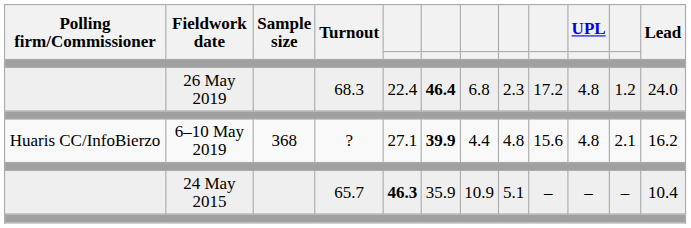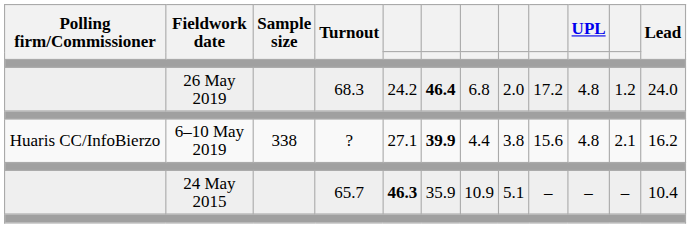 <table class="wikitable collapsible collapsed" style="text-align:center; font-size:95%; line-height:16px;">
 <tr style="height:42px;">
 <th style="width:250px;" rowspan="2">Polling firm/Commissioner</th>
 <th style="width:125px;" rowspan="2">Fieldwork date</th>
 <th style="width:50px;" rowspan="2">Sample size</th>
 <th style="width:45px;" rowspan="2">Turnout</th>
 <th style="width:35px;"></th>
 <th style="width:35px;"></th>
 <th style="width:35px;"></th>
 <th style="width:35px;"></th>
 <th style="width:35px;"></th>
 <th style="width:35px;"><a href='#'>UPL</a></th>
 <th style="width:35px;"></th>
 <th style="width:30px;" rowspan="2">Lead</th>
 </tr>
 <tr>
 <th style="color:inherit;background:"></th>
 <th style="color:inherit;background:"></th>
 <th style="color:inherit;background:"></th>
 <th style="color:inherit;background:"></th>
 <th style="color:inherit;background:"></th>
 <th style="color:inherit;background:"></th>
 <th style="color:inherit;background:"></th>
 </tr>
 <tr>
 <td colspan="12" style="background:#A0A0A0"></td>
 </tr>
 <tr style="background:#EFEFEF;">
 <td><strong></strong></td>
 <td>26 May 2019</td>
 <td></td>
 <td>68.3</td>
-<td>22.4<br></td>
+<td>24.2<br></td>
 <td><strong>46.4</strong><br></td>
 <td>6.8<br></td>
-<td>2.3<br></td>
+<td>2.0<br></td>
 <td>17.2<br></td>
 <td>4.8<br></td>
 <td>1.2<br></td>
 <td style="background:">24.0</td>
 </tr>
 <tr>
 <td colspan="12" style="background:#A0A0A0"></td>
 </tr>
 <tr>
 <td>Huaris CC/InfoBierzo</td>
 <td>6–10 May 2019</td>
-<td>368</td>
+<td>338</td>
 <td>?</td>
 <td>27.1<br></td>
 <td><strong>39.9</strong><br></td>
 <td>4.4<br></td>
-<td>4.8<br></td>
+<td>3.8<br></td>
 <td>15.6<br></td>
 <td>4.8<br></td>
 <td>2.1<br></td>
 <td style="background:">16.2</td>
 </tr>
 <tr>
 <td colspan="12" style="background:#A0A0A0"></td>
 </tr>
 <tr style="background:#EFEFEF;">
 <td><strong></strong></td>
 <td>24 May 2015</td>
 <td></td>
 <td>65.7</td>
 <td><strong>46.3</strong><br></td>
 <td>35.9<br></td>
 <td>10.9<br></td>
 <td>5.1<br></td>
 <td>–</td>
 <td>–</td>
 <td>–</td>
 <td style="background:">10.4</td>
 </tr>
 <tr>
 <td colspan="12" style="background:#A0A0A0"></td>
 </tr>
 </table>
